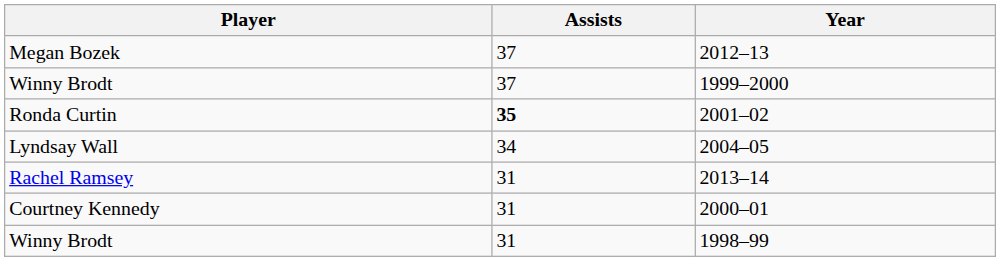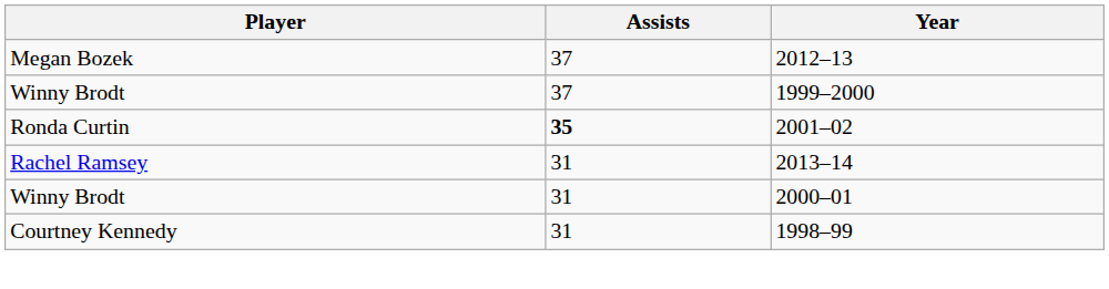 <table class="wikitable" style="width: 50em">
 <tr>
 <th>Player</th>
 <th>Assists</th>
 <th>Year</th>
 </tr>
 <tr>
 <td>Megan Bozek</td>
 <td>37</td>
 <td>2012–13</td>
 </tr>
 <tr>
 <td>Winny Brodt</td>
 <td>37</td>
 <td>1999–2000</td>
 </tr>
 <tr>
 <td>Ronda Curtin</td>
 <td><strong>35</strong></td>
 <td>2001–02</td>
 </tr>
 <tr>
-<td>Lyndsay Wall</td>
-<td>34</td>
-<td>2004–05</td>
-</tr>
-<tr>
 <td><a href='#'>Rachel Ramsey</a></td>
 <td>31</td>
 <td>2013–14</td>
 </tr>
 <tr>
-<td>Courtney Kennedy</td>
+<td>Winny Brodt</td>
 <td>31</td>
 <td>2000–01</td>
 </tr>
 <tr>
-<td>Winny Brodt</td>
+<td>Courtney Kennedy</td>
 <td>31</td>
 <td>1998–99</td>
 </tr>
 </table>
